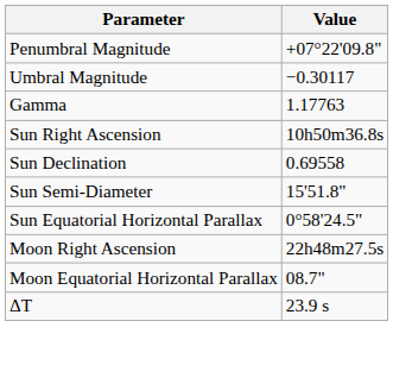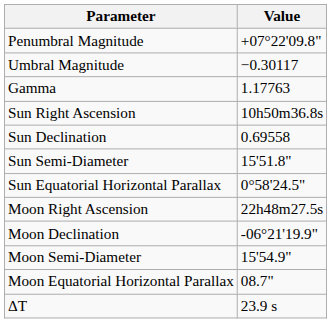 <table class="wikitable">
 <tr>
 <th>Parameter</th>
 <th>Value</th>
 </tr>
 <tr>
 <td>Penumbral Magnitude</td>
 <td>+07°22'09.8"</td>
 </tr>
 <tr>
 <td>Umbral Magnitude</td>
 <td>−0.30117</td>
 </tr>
 <tr>
 <td>Gamma</td>
 <td>1.17763</td>
 </tr>
 <tr>
 <td>Sun Right Ascension</td>
 <td>10h50m36.8s</td>
 </tr>
 <tr>
 <td>Sun Declination</td>
 <td>0.69558</td>
 </tr>
 <tr>
 <td>Sun Semi-Diameter</td>
 <td>15'51.8"</td>
 </tr>
 <tr>
 <td>Sun Equatorial Horizontal Parallax</td>
 <td>0°58'24.5"</td>
 </tr>
 <tr>
 <td>Moon Right Ascension</td>
 <td>22h48m27.5s</td>
 </tr>
 <tr>
+<td>Moon Declination</td>
+<td>-06°21'19.9"</td>
+</tr>
+<tr>
+<td>Moon Semi-Diameter</td>
+<td>15'54.9"</td>
+</tr>
+<tr>
 <td>Moon Equatorial Horizontal Parallax</td>
 <td>08.7"</td>
 </tr>
 <tr>
 <td>ΔT</td>
 <td>23.9 s</td>
 </tr>
 </table>
